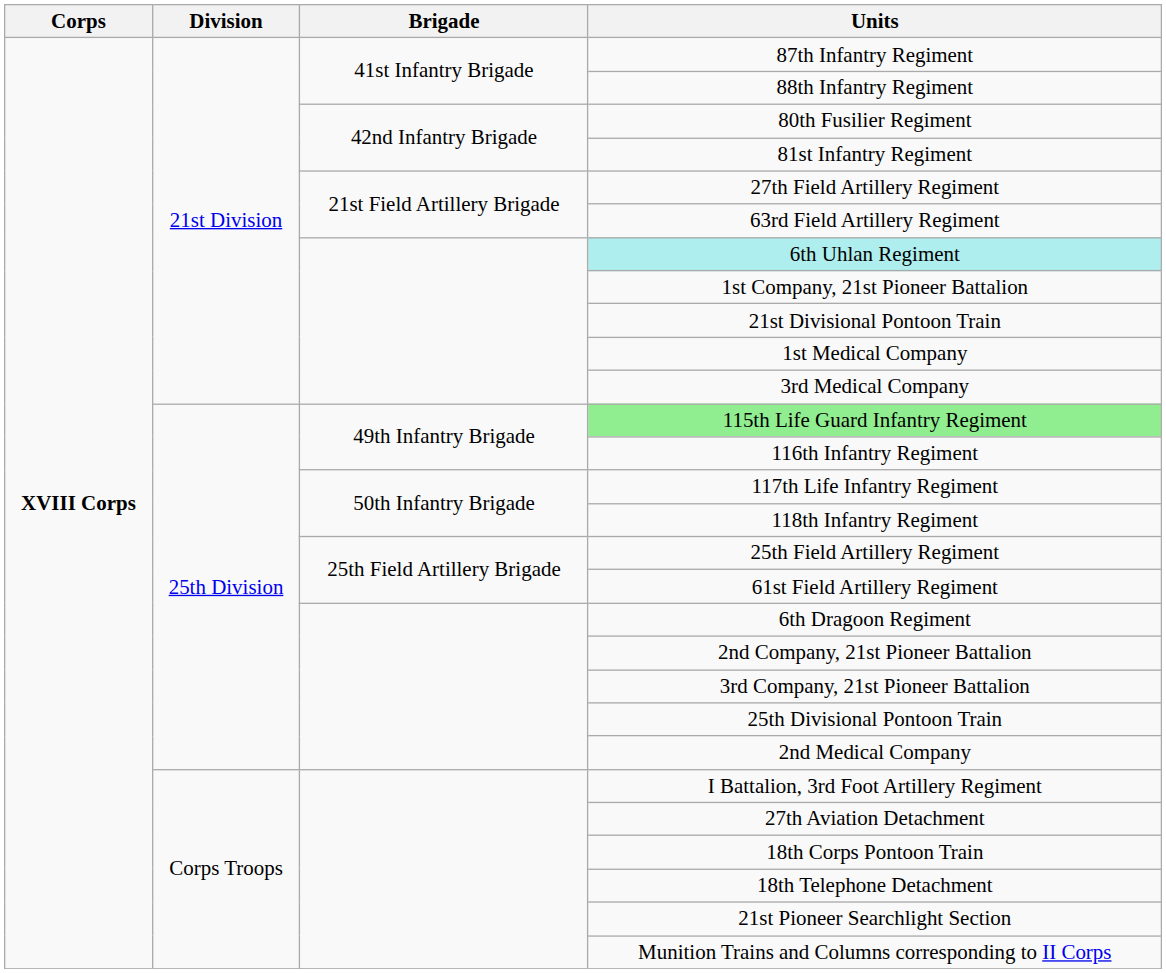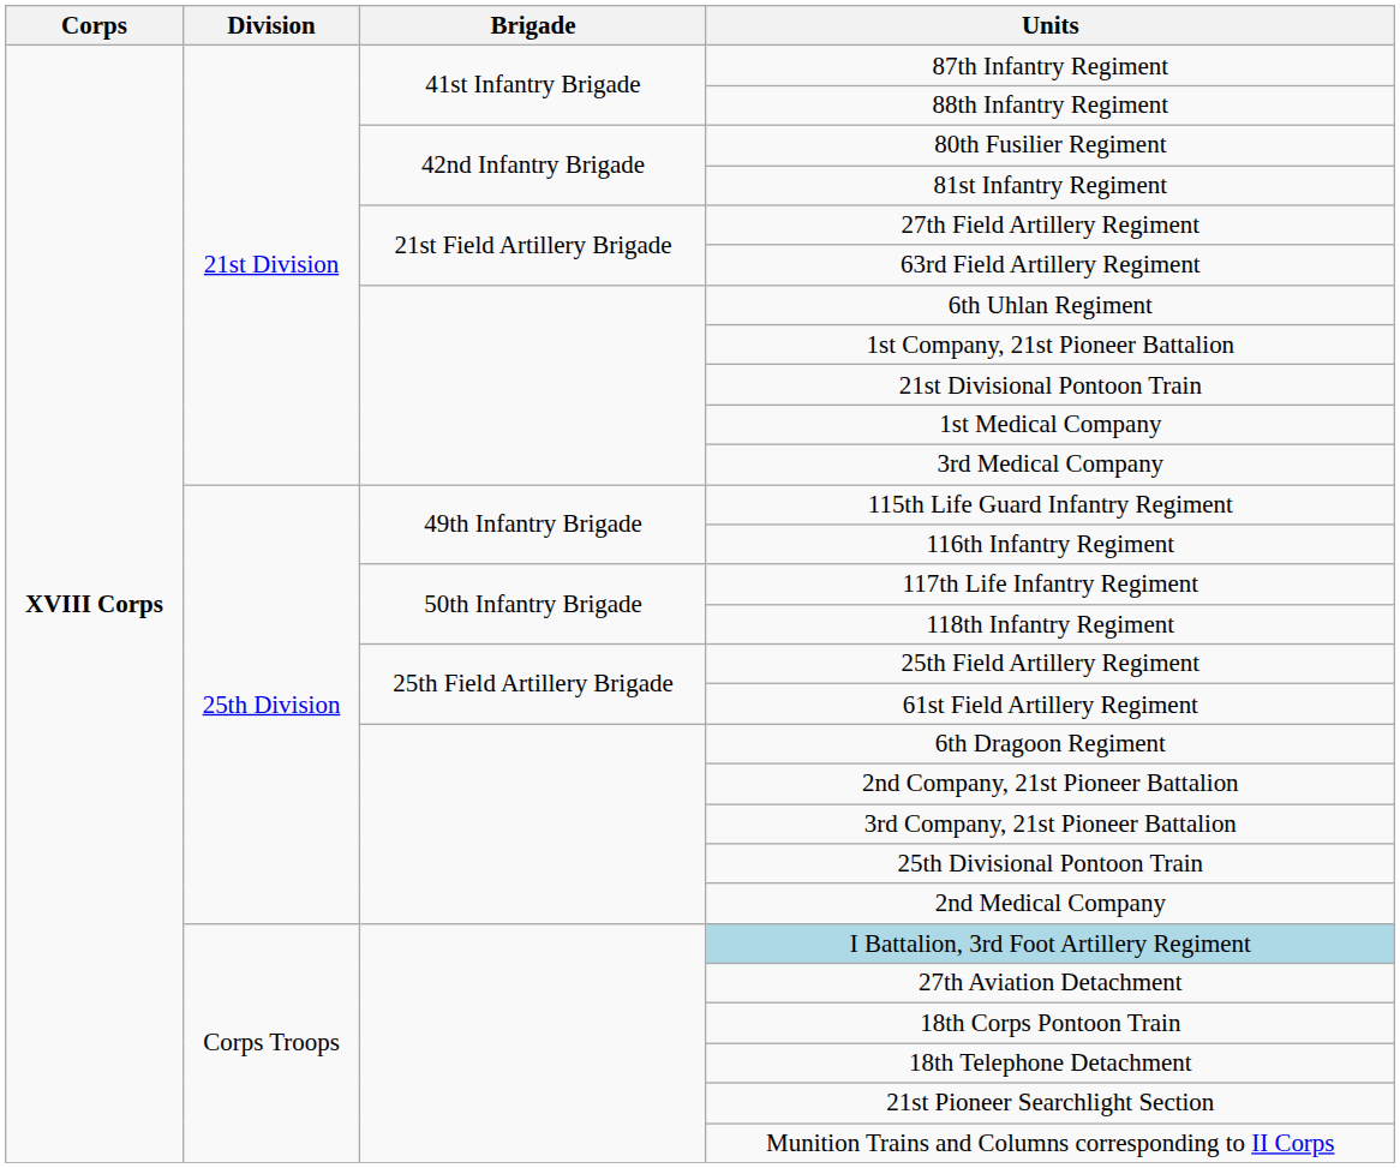 <table class="wikitable collapsible collapsed" style="text-align:center; width:100%;">
 <tr>
 <th>Corps</th>
 <th>Division</th>
 <th>Brigade</th>
 <th>Units</th>
 </tr>
 <tr>
 <td ROWSPAN=28><strong>XVIII Corps</strong></td>
 <td ROWSPAN=11><a href='#'>21st Division</a></td>
 <td ROWSPAN=2>41st Infantry Brigade</td>
 <td>87th Infantry Regiment</td>
 </tr>
 <tr>
 <td>88th Infantry Regiment</td>
 </tr>
 <tr>
 <td ROWSPAN=2>42nd Infantry Brigade</td>
 <td>80th Fusilier Regiment</td>
 </tr>
 <tr>
 <td>81st Infantry Regiment</td>
 </tr>
 <tr>
 <td ROWSPAN=2>21st Field Artillery Brigade</td>
 <td>27th Field Artillery Regiment</td>
 </tr>
 <tr>
 <td>63rd Field Artillery Regiment</td>
 </tr>
 <tr>
 <td ROWSPAN=5></td>
-<td style="background: paleturquoise;">6th Uhlan Regiment</td>
+<td>6th Uhlan Regiment</td>
 </tr>
 <tr>
 <td>1st Company, 21st Pioneer Battalion</td>
 </tr>
 <tr>
 <td>21st Divisional Pontoon Train</td>
 </tr>
 <tr>
 <td>1st Medical Company</td>
 </tr>
 <tr>
 <td>3rd Medical Company</td>
 </tr>
 <tr>
 <td ROWSPAN=11><a href='#'>25th Division</a></td>
 <td ROWSPAN=2>49th Infantry Brigade</td>
-<td style="background: lightgreen;">115th Life Guard Infantry Regiment</td>
+<td>115th Life Guard Infantry Regiment</td>
 </tr>
 <tr>
 <td>116th Infantry Regiment</td>
 </tr>
 <tr>
 <td ROWSPAN=2>50th Infantry Brigade</td>
 <td>117th Life Infantry Regiment</td>
 </tr>
 <tr>
 <td>118th Infantry Regiment</td>
 </tr>
 <tr>
 <td ROWSPAN=2>25th Field Artillery Brigade</td>
 <td>25th Field Artillery Regiment</td>
 </tr>
 <tr>
 <td>61st Field Artillery Regiment</td>
 </tr>
 <tr>
 <td ROWSPAN=5></td>
 <td>6th Dragoon Regiment</td>
 </tr>
 <tr>
 <td>2nd Company, 21st Pioneer Battalion</td>
 </tr>
 <tr>
 <td>3rd Company, 21st Pioneer Battalion</td>
 </tr>
 <tr>
 <td>25th Divisional Pontoon Train</td>
 </tr>
 <tr>
 <td>2nd Medical Company</td>
 </tr>
 <tr>
 <td ROWSPAN=6>Corps Troops</td>
 <td ROWSPAN=6></td>
-<td>I Battalion, 3rd Foot Artillery Regiment</td>
+<td style="background: lightblue;">I Battalion, 3rd Foot Artillery Regiment</td>
 </tr>
 <tr>
 <td>27th Aviation Detachment</td>
 </tr>
 <tr>
 <td>18th Corps Pontoon Train</td>
 </tr>
 <tr>
 <td>18th Telephone Detachment</td>
 </tr>
 <tr>
 <td>21st Pioneer Searchlight Section</td>
 </tr>
 <tr>
 <td>Munition Trains and Columns corresponding to <a href='#'>II Corps</a></td>
 </tr>
 </table>
